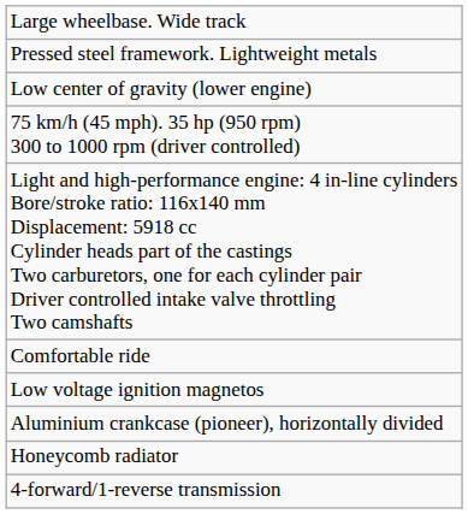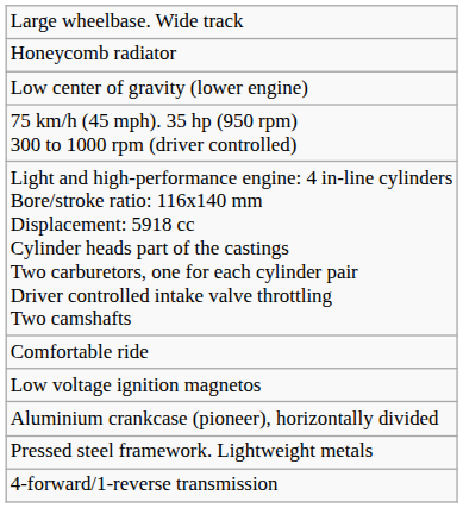 <table class="wikitable" style="font-size: 80%; float:right;">
 <tr>
 <td>Large wheelbase. Wide track</td>
 </tr>
 <tr>
-<td>Pressed steel framework. Lightweight metals</td>
+<td>Honeycomb radiator</td>
 </tr>
 <tr>
 <td>Low center of gravity (lower engine)</td>
 </tr>
 <tr>
 <td>75 km/h (45 mph). 35 hp (950 rpm)<br>300 to 1000 rpm (driver controlled)</td>
 </tr>
 <tr>
 <td>Light and high-performance engine: 4 in-line cylinders<br>Bore/stroke ratio: 116x140 mm<br>Displacement: 5918 cc<br>Cylinder heads part of the castings<br>Two carburetors, one for each cylinder pair<br>Driver controlled intake valve throttling<br>Two camshafts</td>
 </tr>
 <tr>
 <td>Comfortable ride</td>
 </tr>
 <tr>
 <td>Low voltage ignition magnetos</td>
 </tr>
 <tr>
 <td>Aluminium crankcase (pioneer), horizontally divided</td>
 </tr>
 <tr>
-<td>Honeycomb radiator</td>
+<td>Pressed steel framework. Lightweight metals</td>
 </tr>
 <tr>
 <td>4-forward/1-reverse transmission</td>
 </tr>
 </table>
